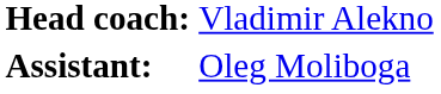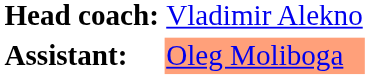 <table>
 <tr>
 <td><strong>Head coach:</strong></td>
 <td><a href='#'>Vladimir Alekno</a></td>
 </tr>
 <tr>
 <td><strong>Assistant:</strong></td>
-<td><a href='#'>Oleg Moliboga</a></td>
+<td style="background: lightsalmon;"><a href='#'>Oleg Moliboga</a></td>
 </tr>
 </table>
